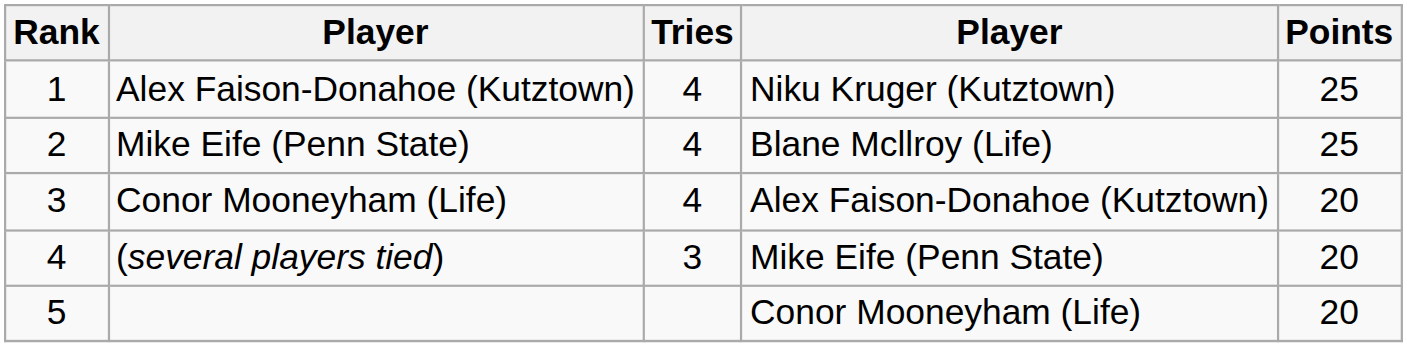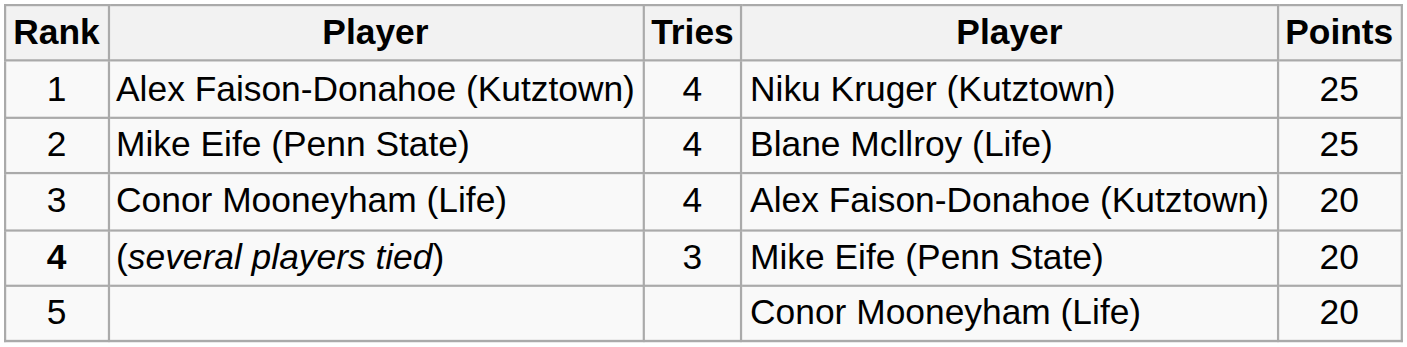 <table class=wikitable>
 <tr>
 <th>Rank</th>
 <th>Player</th>
 <th>Tries</th>
 <th>Player</th>
 <th>Points</th>
 </tr>
 <tr>
 <td align=center>1</td>
 <td>Alex Faison-Donahoe (Kutztown)</td>
 <td align=center>4</td>
 <td>Niku Kruger (Kutztown)</td>
 <td align=center>25</td>
 </tr>
 <tr>
 <td align=center>2</td>
 <td>Mike Eife (Penn State)</td>
 <td align=center>4</td>
 <td>Blane Mcllroy (Life)</td>
 <td align=center>25</td>
 </tr>
 <tr>
 <td align=center>3</td>
 <td>Conor Mooneyham (Life)</td>
 <td align=center>4</td>
 <td>Alex Faison-Donahoe (Kutztown)</td>
 <td align=center>20</td>
 </tr>
 <tr>
-<td align=center>4</td>
+<td align=center><strong>4</strong></td>
 <td>(<em>several players tied</em>)</td>
 <td align=center>3</td>
 <td>Mike Eife (Penn State)</td>
 <td align=center>20</td>
 </tr>
 <tr>
 <td align=center>5</td>
 <td></td>
 <td align=center></td>
 <td>Conor Mooneyham (Life)</td>
 <td align=center>20</td>
 </tr>
 <tr>
 </tr>
 </table>
